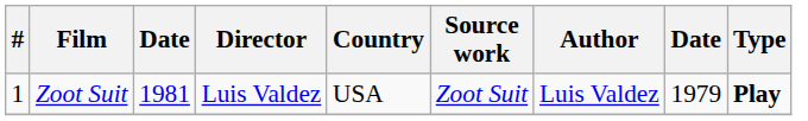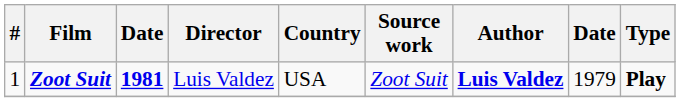 <table class="wikitable">
 <tr>
 <th>#</th>
 <th>Film</th>
 <th>Date</th>
 <th>Director</th>
 <th>Country</th>
 <th>Source<br>work</th>
 <th>Author</th>
 <th>Date</th>
 <th>Type</th>
 </tr>
 <tr>
 <td>1</td>
-<td><em><a href='#'>Zoot Suit</a></em></td>
-<td><a href='#'>1981</a></td>
+<td><strong><em><a href='#'>Zoot Suit</a></em></strong></td>
+<td><strong><a href='#'>1981</a></strong></td>
 <td><a href='#'>Luis Valdez</a></td>
 <td>USA</td>
 <td><em><a href='#'>Zoot Suit</a></em></td>
-<td><a href='#'>Luis Valdez</a></td>
+<td><strong><a href='#'>Luis Valdez</a></strong></td>
 <td>1979</td>
 <td><strong>Play</strong></td>
 </tr>
 <tr>
 </tr>
 </table>
